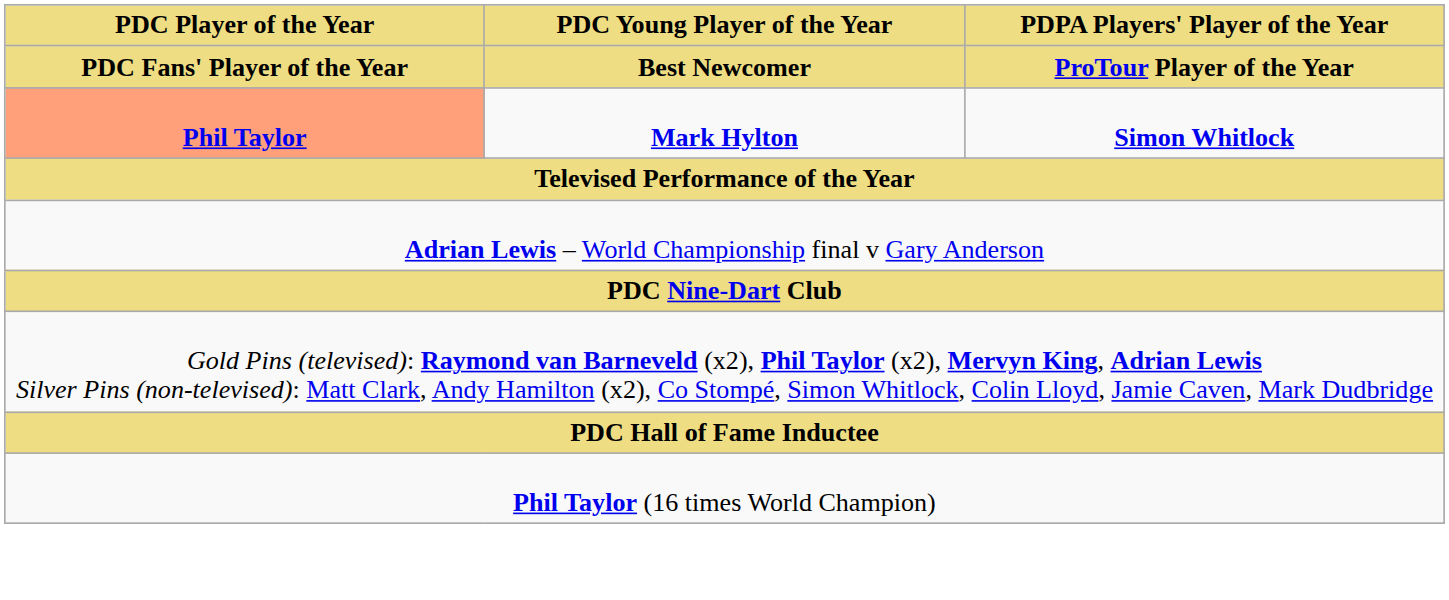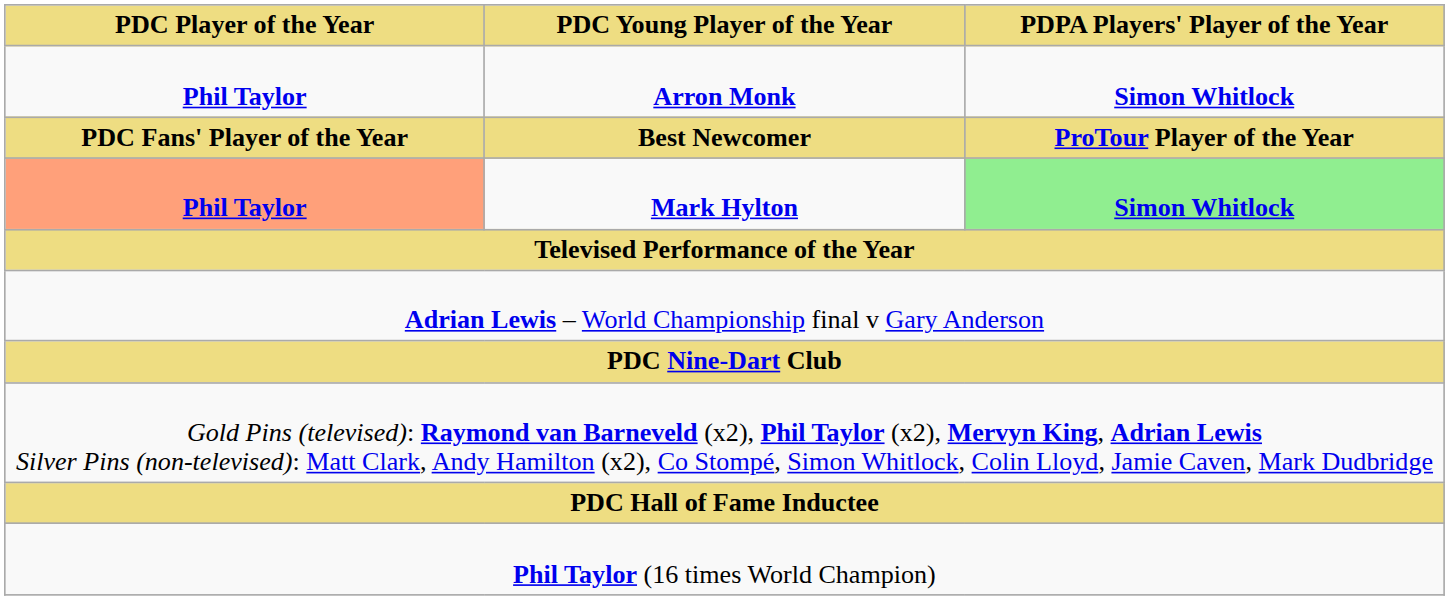 <table class="wikitable" style="width:100%; text-align:center">
 <tr>
 <th style="background:#EEDD82; width:33.33%">PDC Player of the Year</th>
 <th style="background:#EEDD82; width:33.33%">PDC Young Player of the Year</th>
 <th style="background:#EEDD82; width:33.33%">PDPA Players' Player of the Year</th>
+</tr>
+<tr>
+<td><br><strong><a href='#'>Phil Taylor</a></strong></td>
+<td><br><strong><a href='#'>Arron Monk</a></strong></td>
+<td><br><strong><a href='#'>Simon Whitlock</a></strong></td>
 </tr>
 <tr>
 <th style="background:#EEDD82;">PDC Fans' Player of the Year</th>
 <th style="background:#EEDD82;">Best Newcomer</th>
 <th style="background:#EEDD82;"><a href='#'>ProTour</a> Player of the Year</th>
 </tr>
 <tr>
 <td style="background: lightsalmon;"><br><strong><a href='#'>Phil Taylor</a></strong></td>
 <td><br><strong><a href='#'>Mark Hylton</a></strong></td>
-<td><br><strong><a href='#'>Simon Whitlock</a></strong></td>
+<td style="background: lightgreen;"><br><strong><a href='#'>Simon Whitlock</a></strong></td>
 </tr>
 <tr>
 <th colspan=3 style="background:#EEDD82;">Televised Performance of the Year</th>
 </tr>
 <tr>
 <td colspan=3><br><strong><a href='#'>Adrian Lewis</a></strong> – <a href='#'>World Championship</a> final v <a href='#'>Gary Anderson</a></td>
 </tr>
 <tr>
 <th colspan=3 style="background:#EEDD82;">PDC <a href='#'>Nine-Dart</a> Club</th>
 </tr>
 <tr>
 <td colspan=3><br><em>Gold Pins (televised)</em>: <strong><a href='#'>Raymond van Barneveld</a></strong> (x2), <strong><a href='#'>Phil Taylor</a></strong> (x2), <strong><a href='#'>Mervyn King</a></strong>, <strong><a href='#'>Adrian Lewis</a></strong><br><em>Silver Pins (non-televised)</em>: <a href='#'>Matt Clark</a>, <a href='#'>Andy Hamilton</a> (x2), <a href='#'>Co Stompé</a>, <a href='#'>Simon Whitlock</a>, <a href='#'>Colin Lloyd</a>, <a href='#'>Jamie Caven</a>, <a href='#'>Mark Dudbridge</a></td>
 </tr>
 <tr>
 <th colspan=3 style="background:#EEDD82;">PDC Hall of Fame Inductee</th>
 </tr>
 <tr>
 <td colspan="3" style="text-align:center;"><br><strong><a href='#'>Phil Taylor</a></strong> (16 times World Champion)</td>
 </tr>
 </table>
